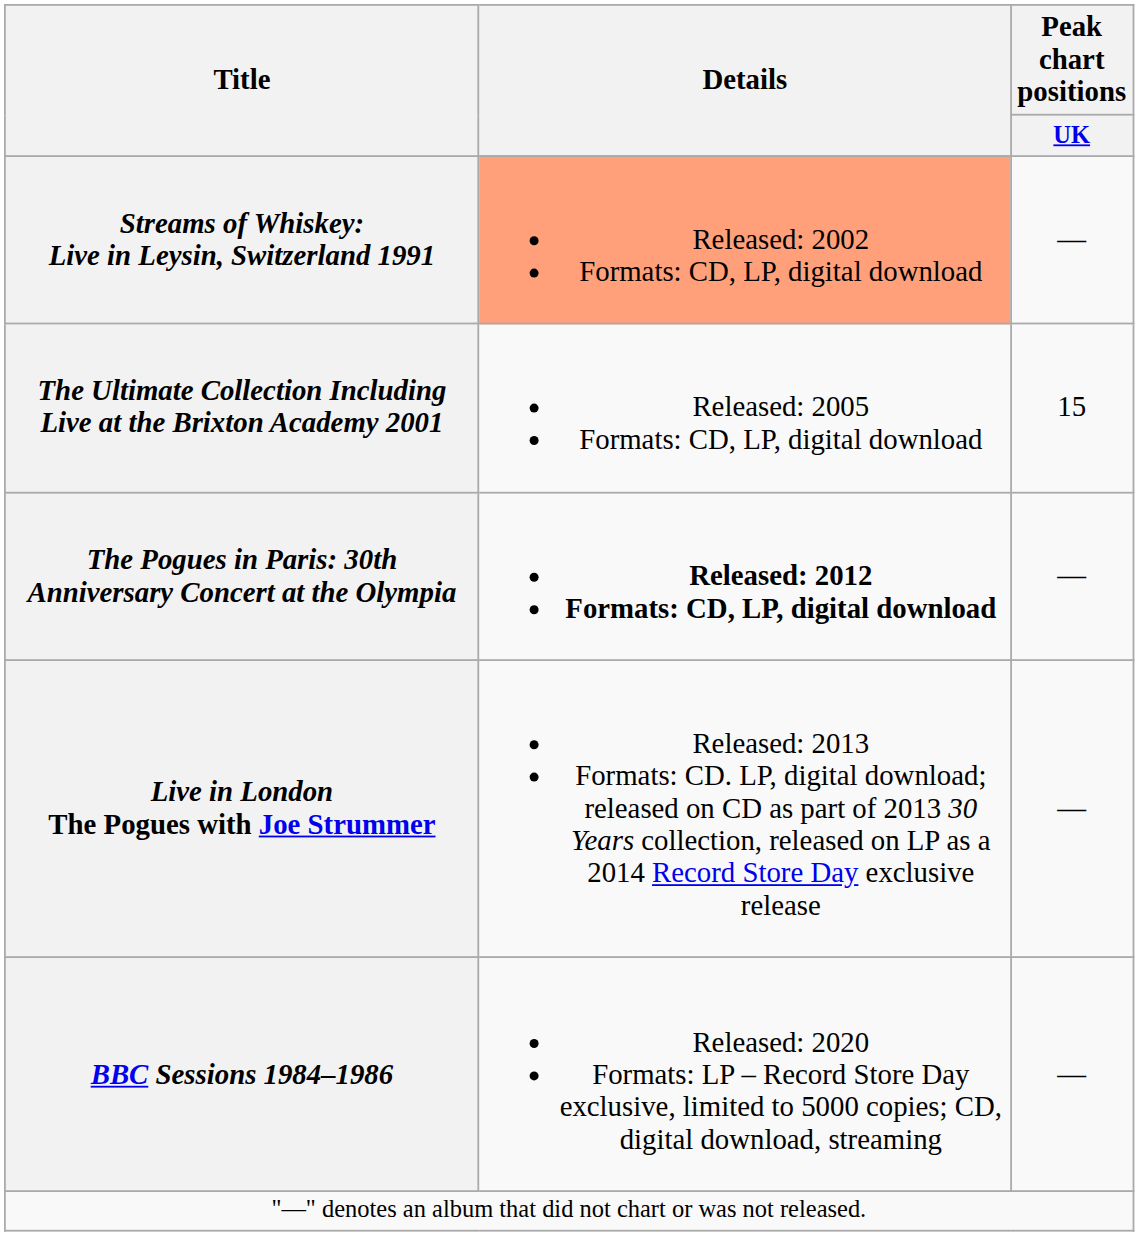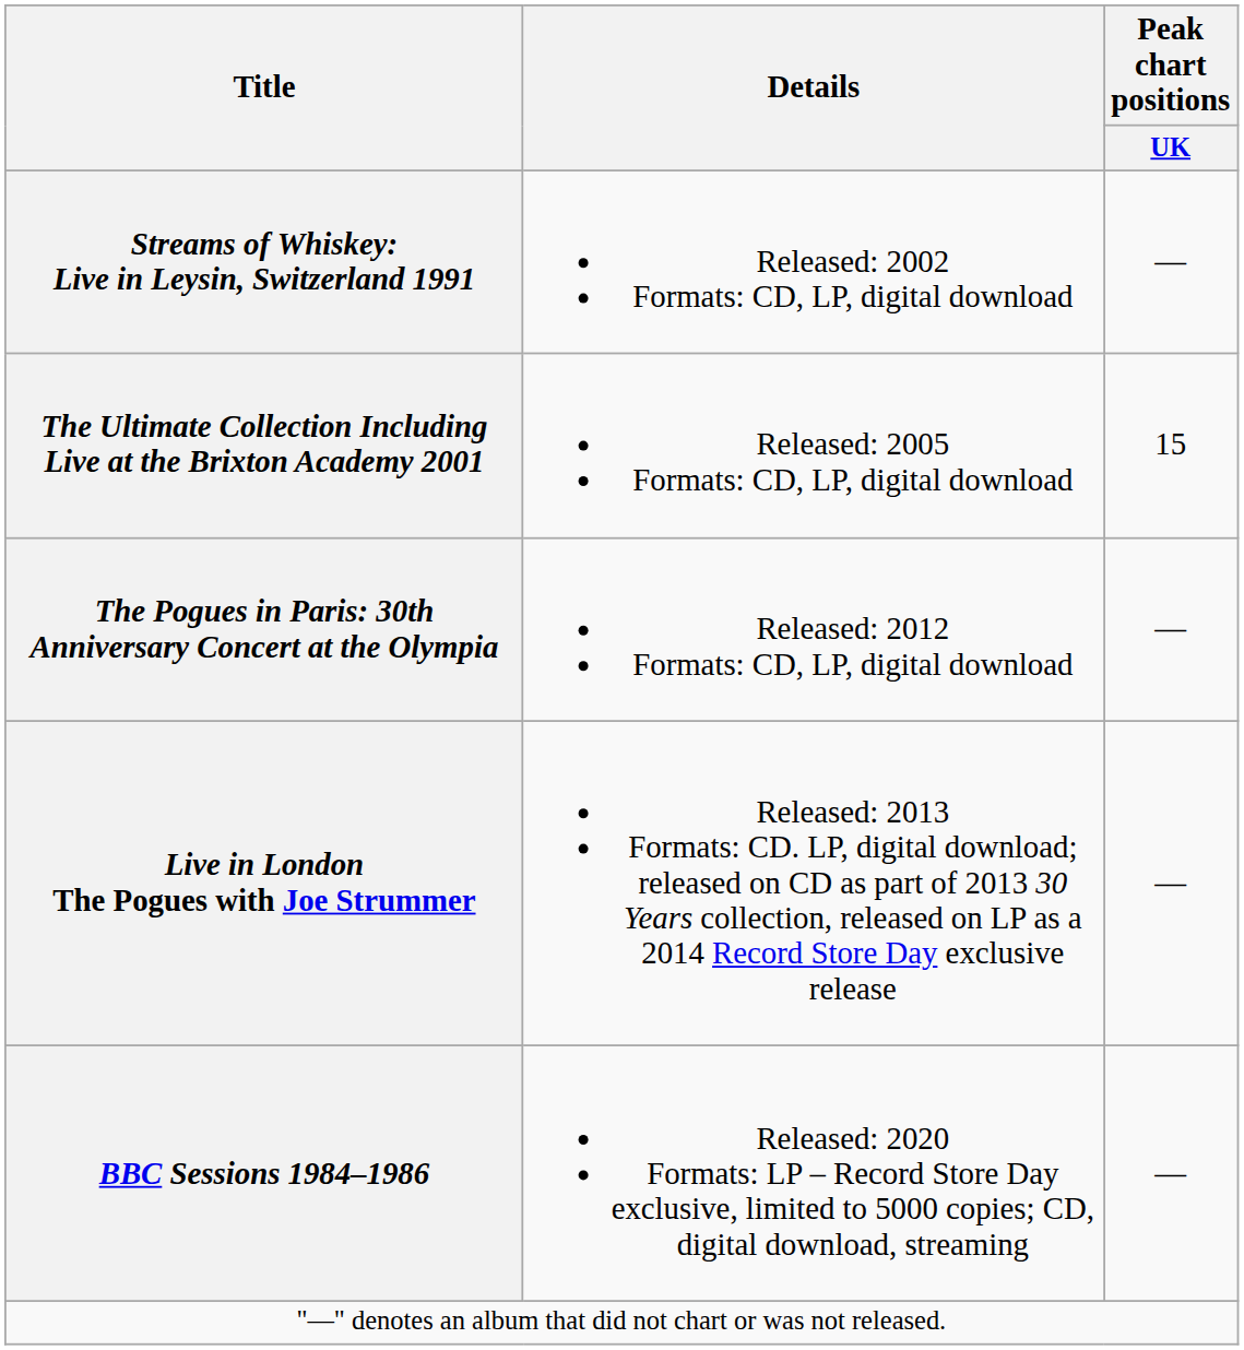 <table class="wikitable plainrowheaders" style="text-align:center;">
 <tr>
 <th scope="col" rowspan="2" style="width:16em;">Title</th>
 <th scope="col" rowspan="2" style="width:18em;">Details</th>
 <th scope="col" colspan="1">Peak chart positions</th>
 </tr>
 <tr>
 <th scope="col" style="width:3em;font-size:85%;"><a href='#'>UK</a><br></th>
 </tr>
 <tr>
 <th scope="row"><em>Streams of Whiskey:<br>Live in Leysin, Switzerland 1991</em></th>
-<td style="background: lightsalmon;"><br><ul><li>Released: 2002</li><li>Formats: CD, LP, digital download</li></ul></td>
+<td><br><ul><li>Released: 2002</li><li>Formats: CD, LP, digital download</li></ul></td>
 <td>—</td>
 </tr>
 <tr>
 <th scope="row"><em>The Ultimate Collection Including<br>Live at the Brixton Academy 2001</em></th>
 <td><br><ul><li>Released: 2005</li><li>Formats: CD, LP, digital download</li></ul></td>
 <td>15</td>
 </tr>
 <tr>
 <th scope="row"><em>The Pogues in Paris: 30th<br>Anniversary Concert at the Olympia</em></th>
-<td><strong><br><ul><li>Released: 2012</li><li>Formats: CD, LP, digital download</li></ul></strong></td>
+<td><br><ul><li>Released: 2012</li><li>Formats: CD, LP, digital download</li></ul></td>
 <td>—</td>
 </tr>
 <tr>
 <th scope="row"><em>Live in London</em> <br>The Pogues with <a href='#'>Joe Strummer</a></th>
 <td><br><ul><li>Released: 2013</li><li>Formats: CD. LP, digital download; released on CD as part of 2013 <em>30 Years</em> collection, released on LP as a 2014 <a href='#'>Record Store Day</a> exclusive release</li></ul></td>
 <td>—</td>
 </tr>
 <tr>
 <th scope="row"><em><a href='#'>BBC</a> Sessions 1984–1986</em></th>
 <td><br><ul><li>Released: 2020</li><li>Formats: LP – Record Store Day exclusive, limited to 5000 copies; CD, digital download, streaming</li></ul></td>
 <td>—</td>
 </tr>
 <tr>
 <td colspan="20" style="text-align:center; font-size:85%;">"—" denotes an album that did not chart or was not released.</td>
 </tr>
 </table>
